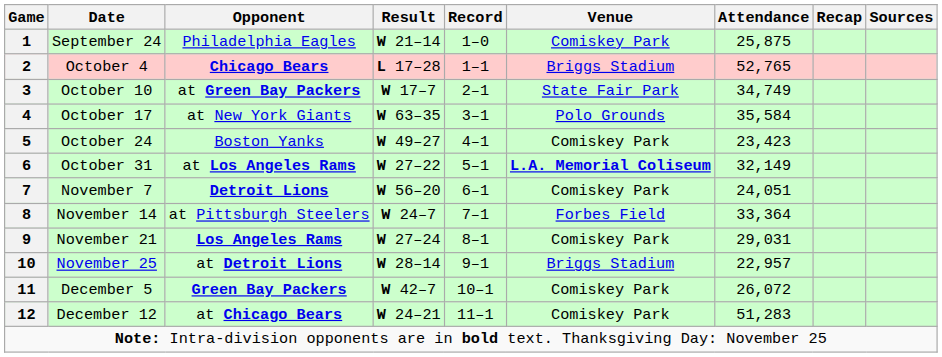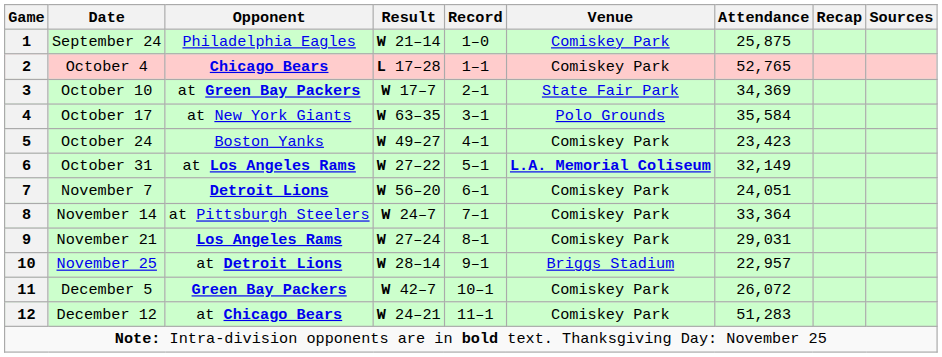 <table class="wikitable" style="text-align:center">
 <tr>
 <th>Game</th>
 <th>Date</th>
 <th>Opponent</th>
 <th>Result</th>
 <th>Record</th>
 <th>Venue</th>
 <th>Attendance</th>
 <th>Recap</th>
 <th>Sources</th>
 </tr>
 <tr style="background:#cfc">
 <th>1</th>
 <td>September 24</td>
 <td><a href='#'>Philadelphia Eagles</a></td>
 <td><strong>W</strong> 21–14</td>
 <td>1–0</td>
 <td><a href='#'>Comiskey Park</a></td>
 <td>25,875</td>
 <td></td>
 <td></td>
 </tr>
 <tr style="background:#fcc">
 <th>2</th>
 <td>October 4</td>
 <td><strong><a href='#'>Chicago Bears</a></strong></td>
 <td><strong>L</strong> 17–28</td>
 <td>1–1</td>
-<td><a href='#'>Briggs Stadium</a></td>
+<td>Comiskey Park</td>
 <td>52,765</td>
 <td></td>
 <td></td>
 </tr>
 <tr style="background:#cfc">
 <th>3</th>
 <td>October 10</td>
 <td>at <strong><a href='#'>Green Bay Packers</a></strong></td>
 <td><strong>W</strong> 17–7</td>
 <td>2–1</td>
 <td><a href='#'>State Fair Park</a></td>
-<td>34,749</td>
+<td>34,369</td>
 <td></td>
 <td></td>
 </tr>
 <tr style="background:#cfc">
 <th>4</th>
 <td>October 17</td>
 <td>at <a href='#'>New York Giants</a></td>
 <td><strong>W</strong> 63–35</td>
 <td>3–1</td>
 <td><a href='#'>Polo Grounds</a></td>
 <td>35,584</td>
 <td></td>
 <td></td>
 </tr>
 <tr style="background:#cfc">
 <th>5</th>
 <td>October 24</td>
 <td><a href='#'>Boston Yanks</a></td>
 <td><strong>W</strong> 49–27</td>
 <td>4–1</td>
 <td>Comiskey Park</td>
 <td>23,423</td>
 <td></td>
 <td></td>
 </tr>
 <tr style="background:#cfc">
 <th>6</th>
 <td>October 31</td>
 <td>at <strong><a href='#'>Los Angeles Rams</a></strong></td>
 <td><strong>W</strong> 27–22</td>
 <td>5–1</td>
 <td><strong><a href='#'>L.A. Memorial Coliseum</a></strong></td>
 <td>32,149</td>
 <td></td>
 <td></td>
 </tr>
 <tr style="background:#cfc">
 <th>7</th>
 <td>November 7</td>
 <td><strong><a href='#'>Detroit Lions</a></strong></td>
 <td><strong>W</strong> 56–20</td>
 <td>6–1</td>
 <td>Comiskey Park</td>
 <td>24,051</td>
 <td></td>
 <td></td>
 </tr>
 <tr style="background:#cfc">
 <th>8</th>
 <td>November 14</td>
 <td>at <a href='#'>Pittsburgh Steelers</a></td>
 <td><strong>W</strong> 24–7</td>
 <td>7–1</td>
-<td><a href='#'>Forbes Field</a></td>
+<td>Comiskey Park</td>
 <td>33,364</td>
 <td></td>
 <td></td>
 </tr>
 <tr style="background:#cfc">
 <th>9</th>
 <td>November 21</td>
 <td><strong><a href='#'>Los Angeles Rams</a></strong></td>
 <td><strong>W</strong> 27–24</td>
 <td>8–1</td>
 <td>Comiskey Park</td>
 <td>29,031</td>
 <td></td>
 <td></td>
 </tr>
 <tr style="background:#cfc">
 <th>10</th>
 <td><a href='#'>November 25</a></td>
 <td>at <strong><a href='#'>Detroit Lions</a></strong></td>
 <td><strong>W</strong> 28–14</td>
 <td>9–1</td>
 <td><a href='#'>Briggs Stadium</a></td>
 <td>22,957</td>
 <td></td>
 <td></td>
 </tr>
 <tr style="background:#cfc">
 <th>11</th>
 <td>December 5</td>
 <td><strong><a href='#'>Green Bay Packers</a></strong></td>
 <td><strong>W</strong> 42–7</td>
 <td>10–1</td>
 <td>Comiskey Park</td>
 <td>26,072</td>
 <td></td>
 <td></td>
 </tr>
 <tr style="background:#cfc">
 <th>12</th>
 <td>December 12</td>
 <td>at <strong><a href='#'>Chicago Bears</a></strong></td>
 <td><strong>W</strong> 24–21</td>
 <td>11–1</td>
 <td>Comiskey Park</td>
 <td>51,283</td>
 <td></td>
 <td></td>
 </tr>
 <tr>
 <td colspan="10"><strong>Note:</strong> Intra-division opponents are in <strong>bold</strong> text. Thanksgiving Day: November 25</td>
 </tr>
 </table>
